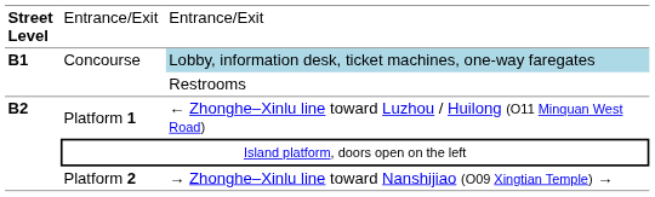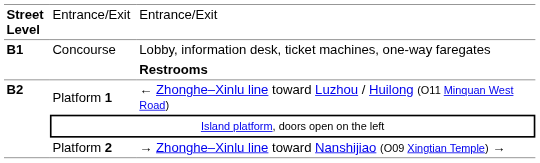 <table table border=0 cellspacing=0 cellpadding=3>
 <tr>
 <td style="border-bottom:solid 1px gray;border-top:solid 1px gray;" width=50 valign=top><strong>Street Level</strong></td>
 <td style="border-top:solid 1px gray;border-bottom:solid 1px gray;" width=100 valign=top>Entrance/Exit</td>
 <td style="border-top:solid 1px gray;border-bottom:solid 1px gray;" width=480 valign=top>Entrance/Exit</td>
 </tr>
 <tr>
 <td style="border-bottom:solid 1px gray;" rowspan=2 valign=top><strong>B1</strong></td>
 <td style="border-bottom:solid 1px gray;" rowspan=2 valign=top>Concourse</td>
-<td width=390 style="background: lightblue;">Lobby, information desk, ticket machines, one-way faregates</td>
+<td width=390>Lobby, information desk, ticket machines, one-way faregates</td>
 </tr>
 <tr>
-<td style="border-bottom:solid 1px gray;">Restrooms</td>
+<td style="border-bottom:solid 1px gray;"><strong>Restrooms</strong></td>
 </tr>
 <tr>
 <td style="border-bottom:solid 1px gray;" rowspan=3 valign=top><strong>B2</strong></td>
 <td>Platform <span><strong>1</strong></span></td>
 <td>←  <a href='#'>Zhonghe–Xinlu line</a> toward <a href='#'>Luzhou</a> / <a href='#'>Huilong</a> <small>(O11 <a href='#'>Minquan West Road</a>)</small></td>
 </tr>
 <tr>
 <td style="border-top:solid 2px black;border-right:solid 2px black;border-left:solid 2px black;border-bottom:solid 2px black;text-align:center;" colspan=2><small><a href='#'>Island platform</a>, doors open on the left</small></td>
 </tr>
 <tr>
 <td style="border-bottom:solid 1px gray;">Platform <span><strong>2</strong></span></td>
 <td style="border-bottom:solid 1px gray;"><span>→</span>  <a href='#'>Zhonghe–Xinlu line</a> toward <a href='#'>Nanshijiao</a> <small>(O09 <a href='#'>Xingtian Temple</a>)</small> →</td>
 </tr>
 </table>
